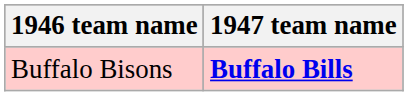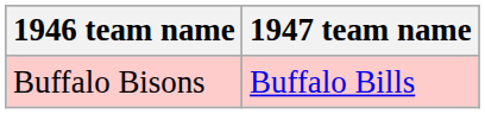 <table class="wikitable">
 <tr>
 <th>1946 team name</th>
 <th>1947 team name</th>
 </tr>
 <tr>
 <td style="background-color: #FFCCCC;">Buffalo Bisons</td>
-<td style="background-color: #FFCCCC;"><strong><a href='#'>Buffalo Bills</a></strong></td>
+<td style="background-color: #FFCCCC;"><a href='#'>Buffalo Bills</a></td>
 </tr>
 </table>
